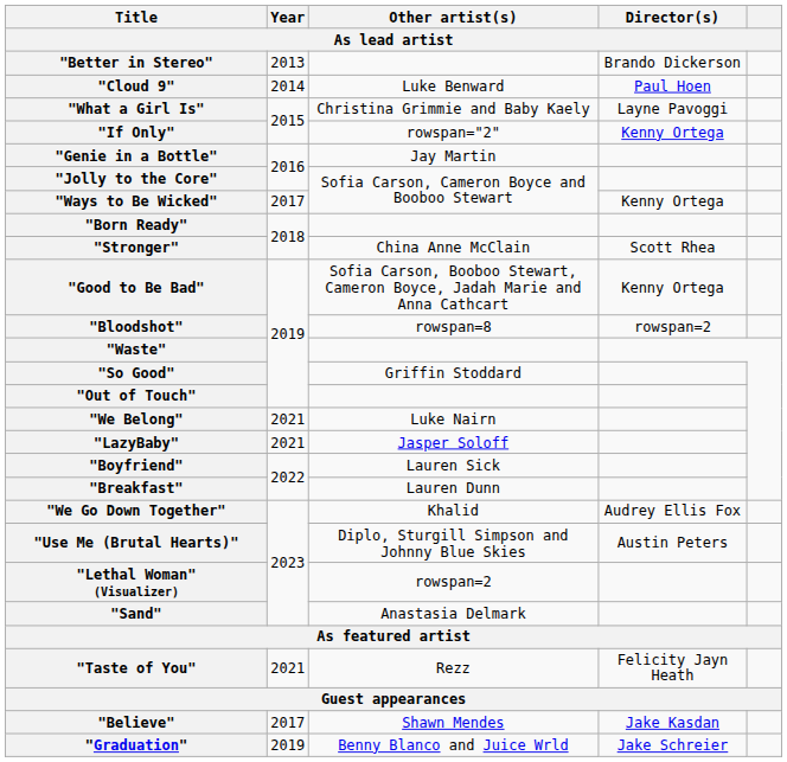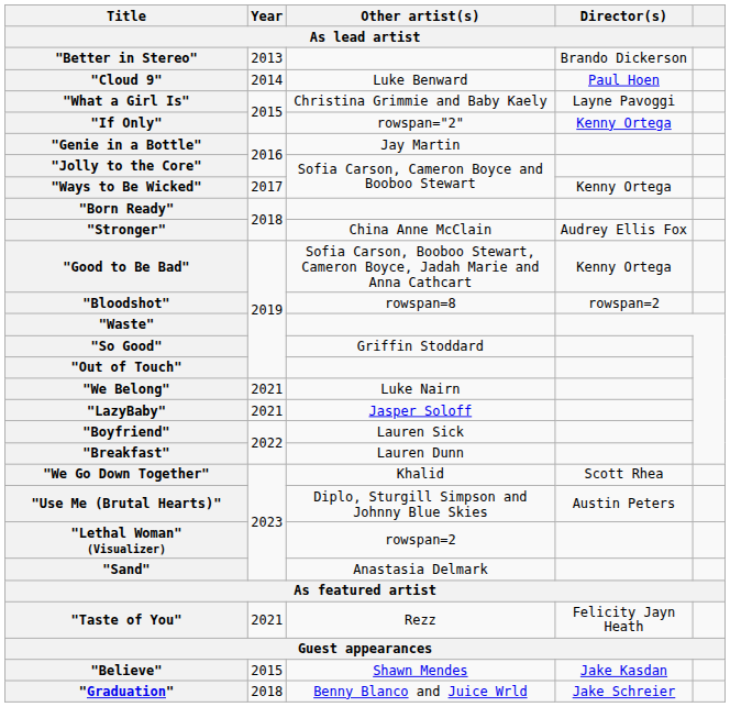 <table class="wikitable plainrowheaders" style="text-align:center;" border="1">
 <tr>
 <th scope="col" style="width:18em;">Title</th>
 <th scope="col" style="width:1em;">Year</th>
 <th scope="col" style="width:20em;">Other artist(s)</th>
 <th scope="col" style="width:10em;">Director(s)</th>
 <th scope="col" style="width:2em;"></th>
 </tr>
 <tr>
 <th colspan="6">As lead artist</th>
 </tr>
 <tr>
 <th scope="row">"Better in Stereo"</th>
 <td>2013</td>
 <td></td>
 <td>Brando Dickerson</td>
 <td></td>
 </tr>
 <tr>
 <th scope="row">"Cloud 9"</th>
 <td>2014</td>
 <td>Luke Benward</td>
 <td><a href='#'>Paul Hoen</a></td>
 <td></td>
 </tr>
 <tr>
 <th scope="row">"What a Girl Is"</th>
 <td rowspan="2">2015</td>
 <td>Christina Grimmie and Baby Kaely</td>
 <td>Layne Pavoggi</td>
 <td></td>
 </tr>
 <tr>
 <th scope="row">"If Only"</th>
 <td>rowspan="2" </td>
 <td><a href='#'>Kenny Ortega</a></td>
 <td></td>
 </tr>
 <tr>
 <th scope="row">"Genie in a Bottle"</th>
 <td rowspan="2">2016</td>
 <td>Jay Martin</td>
 <td></td>
 </tr>
 <tr>
 <th scope="row">"Jolly to the Core"</th>
 <td rowspan="2">Sofia Carson, Cameron Boyce and Booboo Stewart</td>
 <td></td>
 <td></td>
 </tr>
 <tr>
 <th scope="row">"Ways to Be Wicked"</th>
 <td>2017</td>
 <td>Kenny Ortega</td>
 <td></td>
 </tr>
 <tr>
 <th scope="row">"Born Ready"</th>
 <td rowspan="2">2018</td>
 <td></td>
 <td></td>
 <td></td>
 </tr>
 <tr>
 <th scope="row">"Stronger"</th>
 <td>China Anne McClain</td>
-<td>Scott Rhea</td>
+<td>Audrey Ellis Fox</td>
 <td></td>
 </tr>
 <tr>
 <th scope="row">"Good to Be Bad"</th>
 <td rowspan=5>2019</td>
 <td>Sofia Carson, Booboo Stewart, Cameron Boyce, Jadah Marie and Anna Cathcart</td>
 <td>Kenny Ortega</td>
 <td></td>
 </tr>
 <tr>
 <th scope="row">"Bloodshot"</th>
 <td>rowspan=8 </td>
 <td>rowspan=2 </td>
 <td></td>
 </tr>
 <tr>
 <th scope="row">"Waste"</th>
 <td></td>
 </tr>
 <tr>
 <th scope="row">"So Good"</th>
 <td>Griffin Stoddard</td>
 <td></td>
 </tr>
 <tr>
 <th scope="row">"Out of Touch"</th>
 <td></td>
 <td></td>
 </tr>
 <tr>
 <th scope="row">"We Belong"</th>
 <td>2021</td>
 <td>Luke Nairn</td>
 <td></td>
 </tr>
 <tr>
 <th scope="row">"LazyBaby"</th>
 <td>2021</td>
 <td><a href='#'>Jasper Soloff</a></td>
 <td></td>
 </tr>
 <tr>
 <th scope="row">"Boyfriend"</th>
 <td rowspan=2>2022</td>
 <td>Lauren Sick</td>
 <td></td>
 </tr>
 <tr>
 <th scope="row">"Breakfast"</th>
 <td>Lauren Dunn</td>
 <td></td>
 </tr>
 <tr>
 <th scope="row">"We Go Down Together"</th>
 <td rowspan=4>2023</td>
 <td>Khalid</td>
-<td>Audrey Ellis Fox</td>
+<td>Scott Rhea</td>
 <td></td>
 </tr>
 <tr>
 <th scope="row">"Use Me (Brutal Hearts)"</th>
 <td>Diplo, Sturgill Simpson and Johnny Blue Skies</td>
 <td>Austin Peters</td>
 <td></td>
 </tr>
 <tr>
 <th scope="row">"Lethal Woman" <br><small>(Visualizer)</small></th>
 <td>rowspan=2 </td>
 <td></td>
 <td></td>
 </tr>
 <tr>
 <th scope="row">"Sand"</th>
 <td>Anastasia Delmark</td>
 <td></td>
 </tr>
 <tr>
 <th colspan="6">As featured artist</th>
 </tr>
 <tr>
 <th scope="row">"Taste of You"</th>
 <td>2021</td>
 <td>Rezz</td>
 <td>Felicity Jayn Heath</td>
 <td></td>
 </tr>
 <tr>
 <th colspan="6">Guest appearances</th>
 </tr>
 <tr>
 <th scope="row">"Believe"</th>
-<td>2017</td>
+<td>2015</td>
 <td><a href='#'>Shawn Mendes</a></td>
 <td><a href='#'>Jake Kasdan</a></td>
 <td></td>
 </tr>
 <tr>
 <th scope="row">"<a href='#'>Graduation</a>"</th>
-<td>2019</td>
+<td>2018</td>
 <td><a href='#'>Benny Blanco</a> and <a href='#'>Juice Wrld</a></td>
 <td><a href='#'>Jake Schreier</a></td>
 <td></td>
 </tr>
 </table>
